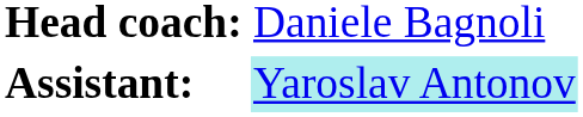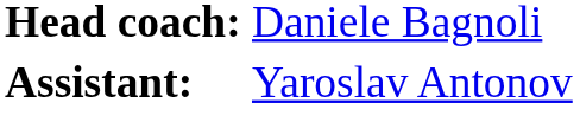 <table>
 <tr>
 <td><strong>Head coach:</strong></td>
 <td><a href='#'>Daniele Bagnoli</a></td>
 </tr>
 <tr>
 <td><strong>Assistant:</strong></td>
-<td style="background: paleturquoise;"><a href='#'>Yaroslav Antonov</a></td>
+<td><a href='#'>Yaroslav Antonov</a></td>
 </tr>
 </table>
